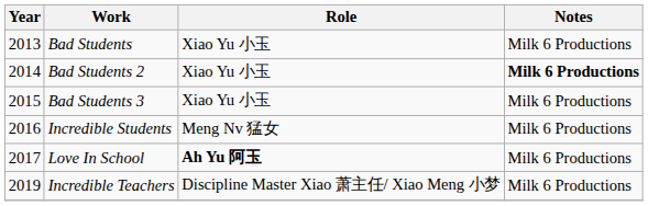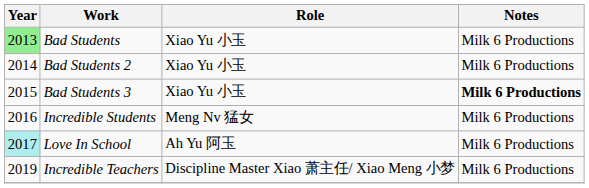 <table class="wikitable">
 <tr>
 <th>Year</th>
 <th>Work</th>
 <th>Role</th>
 <th>Notes</th>
 </tr>
 <tr>
-<td>2013</td>
+<td style="background: lightgreen;">2013</td>
 <td><em>Bad Students</em></td>
 <td>Xiao Yu 小玉</td>
 <td>Milk 6 Productions</td>
 </tr>
 <tr>
 <td>2014</td>
 <td><em>Bad Students 2</em></td>
 <td>Xiao Yu 小玉</td>
-<td><strong>Milk 6 Productions</strong></td>
+<td>Milk 6 Productions</td>
 </tr>
 <tr>
 <td>2015</td>
 <td><em>Bad Students 3</em></td>
 <td>Xiao Yu 小玉</td>
-<td>Milk 6 Productions</td>
+<td><strong>Milk 6 Productions</strong></td>
 </tr>
 <tr>
 <td>2016</td>
 <td><em>Incredible Students </em></td>
 <td>Meng Nv 猛女</td>
 <td>Milk 6 Productions</td>
 </tr>
 <tr>
-<td>2017</td>
+<td style="background: paleturquoise;">2017</td>
 <td><em>Love In School</em></td>
-<td><strong>Ah Yu 阿玉</strong></td>
+<td>Ah Yu 阿玉</td>
 <td>Milk 6 Productions</td>
 </tr>
 <tr>
 <td>2019</td>
 <td><em>Incredible Teachers </em></td>
 <td>Discipline Master Xiao 萧主任/ Xiao Meng 小梦</td>
 <td>Milk 6 Productions</td>
 </tr>
 <tr>
 </tr>
 </table>
